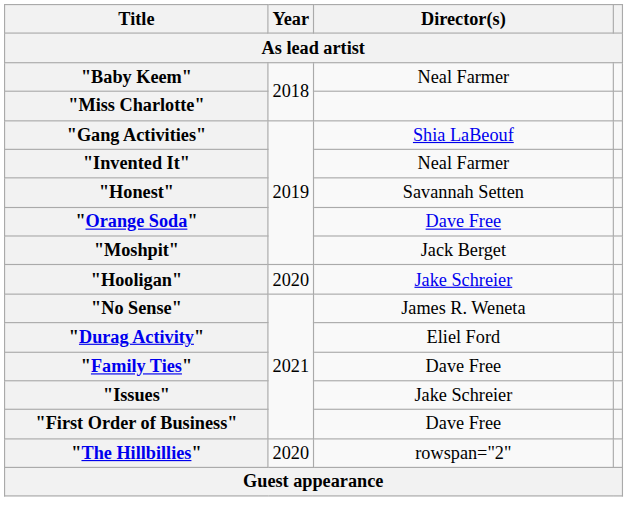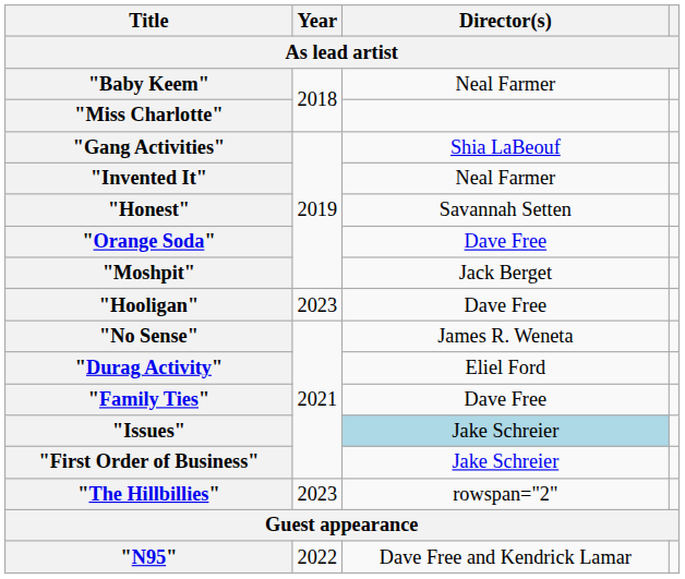 <table class="wikitable plainrowheaders" style="text-align:center;">
 <tr>
 <th scope="col" style="width:14em;">Title</th>
 <th scope="col">Year</th>
 <th scope="col" style="width:16em;">Director(s)</th>
 <th scope="col"></th>
 </tr>
 <tr>
 <th scope="col" colspan="4">As lead artist</th>
 </tr>
 <tr>
 <th scope="row">"Baby Keem"</th>
 <td rowspan="2">2018</td>
 <td>Neal Farmer</td>
 <td></td>
 </tr>
 <tr>
 <th scope="row">"Miss Charlotte"</th>
 <td></td>
 </tr>
 <tr>
 <th scope="row">"Gang Activities"</th>
 <td rowspan="5">2019</td>
 <td><a href='#'>Shia LaBeouf</a></td>
 <td></td>
 </tr>
 <tr>
 <th scope="row">"Invented It"</th>
 <td>Neal Farmer</td>
 <td></td>
 </tr>
 <tr>
 <th scope="row">"Honest"</th>
 <td>Savannah Setten</td>
 <td></td>
 </tr>
 <tr>
 <th scope="row">"<a href='#'>Orange Soda</a>"</th>
 <td><a href='#'>Dave Free</a></td>
 <td></td>
 </tr>
 <tr>
 <th scope="row">"Moshpit"</th>
 <td>Jack Berget</td>
 <td></td>
 </tr>
 <tr>
 <th scope="row">"Hooligan"</th>
-<td>2020</td>
-<td><a href='#'>Jake Schreier</a></td>
+<td>2023</td>
+<td>Dave Free</td>
 <td></td>
 </tr>
 <tr>
 <th scope="row">"No Sense"</th>
 <td rowspan="5">2021</td>
 <td>James R. Weneta</td>
 <td></td>
 </tr>
 <tr>
 <th scope="row">"<a href='#'>Durag Activity</a>"</th>
 <td>Eliel Ford</td>
 <td></td>
 </tr>
 <tr>
 <th scope="row">"<a href='#'>Family Ties</a>"</th>
 <td>Dave Free</td>
 <td></td>
 </tr>
 <tr>
 <th scope="row">"Issues"</th>
-<td>Jake Schreier</td>
+<td style="background: lightblue;">Jake Schreier</td>
 <td></td>
 </tr>
 <tr>
 <th scope="row">"First Order of Business"</th>
-<td>Dave Free</td>
+<td><a href='#'>Jake Schreier</a></td>
 <td></td>
 </tr>
 <tr>
 <th scope="row">"<a href='#'>The Hillbillies</a>"</th>
-<td>2020</td>
+<td>2023</td>
 <td>rowspan="2" </td>
 <td></td>
 </tr>
 <tr>
 <th scope="col" colspan="4">Guest appearance</th>
 </tr>
+<tr>
+<th scope="row">"<a href='#'>N95</a>"<br></th>
+<td>2022</td>
+<td>Dave Free and Kendrick Lamar</td>
+<td></td>
+</tr>
 </table>
